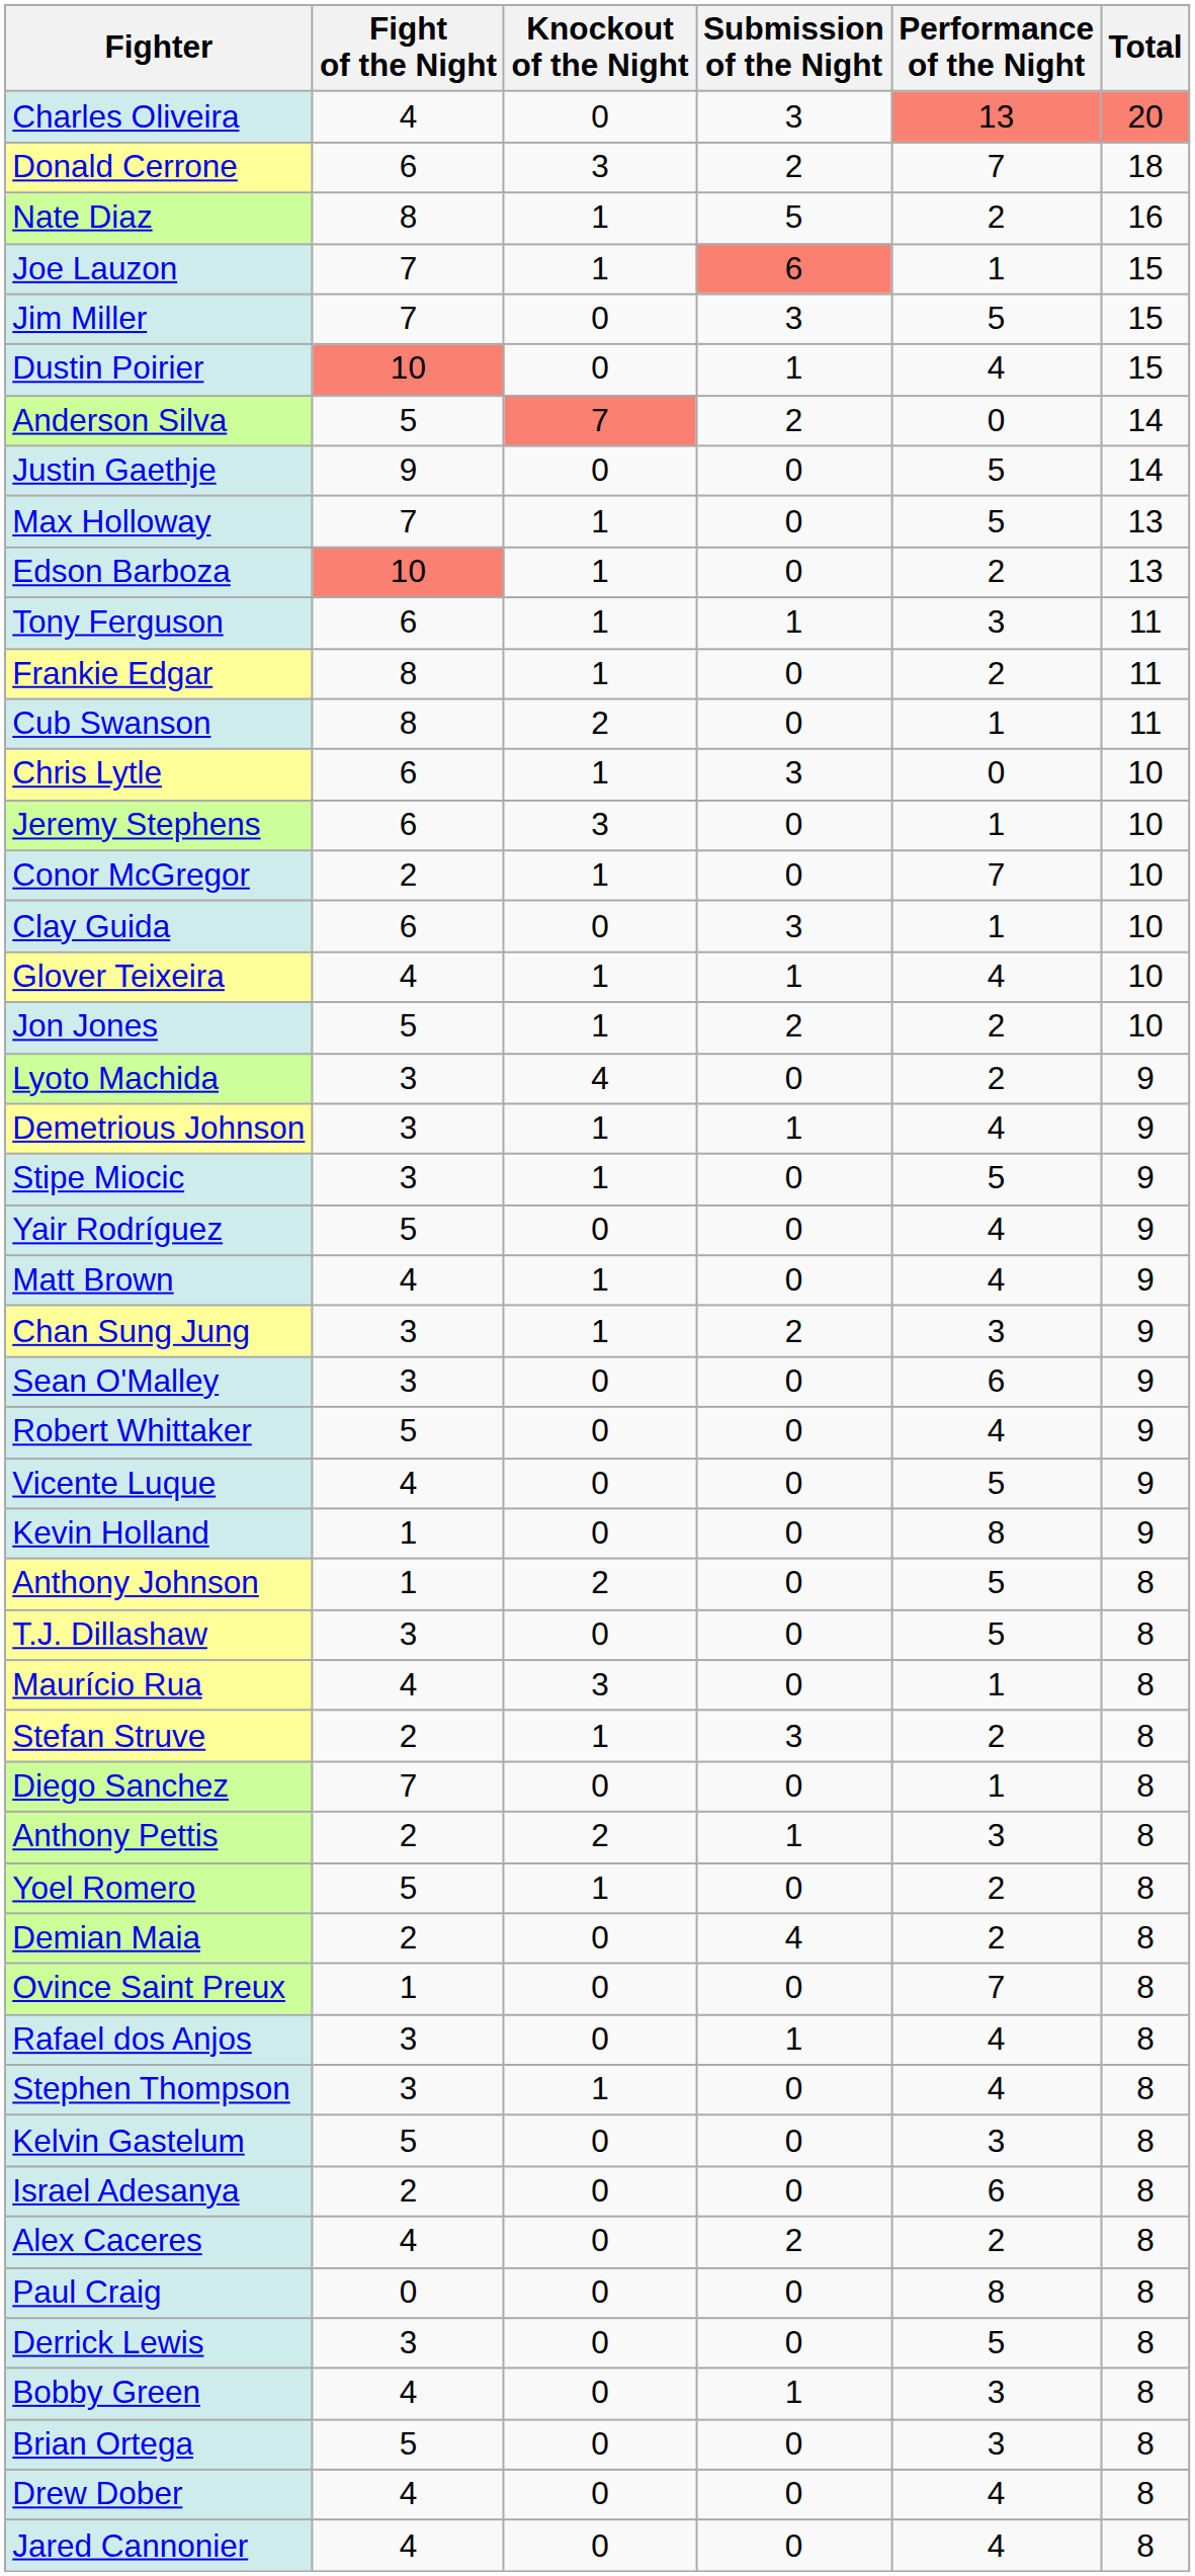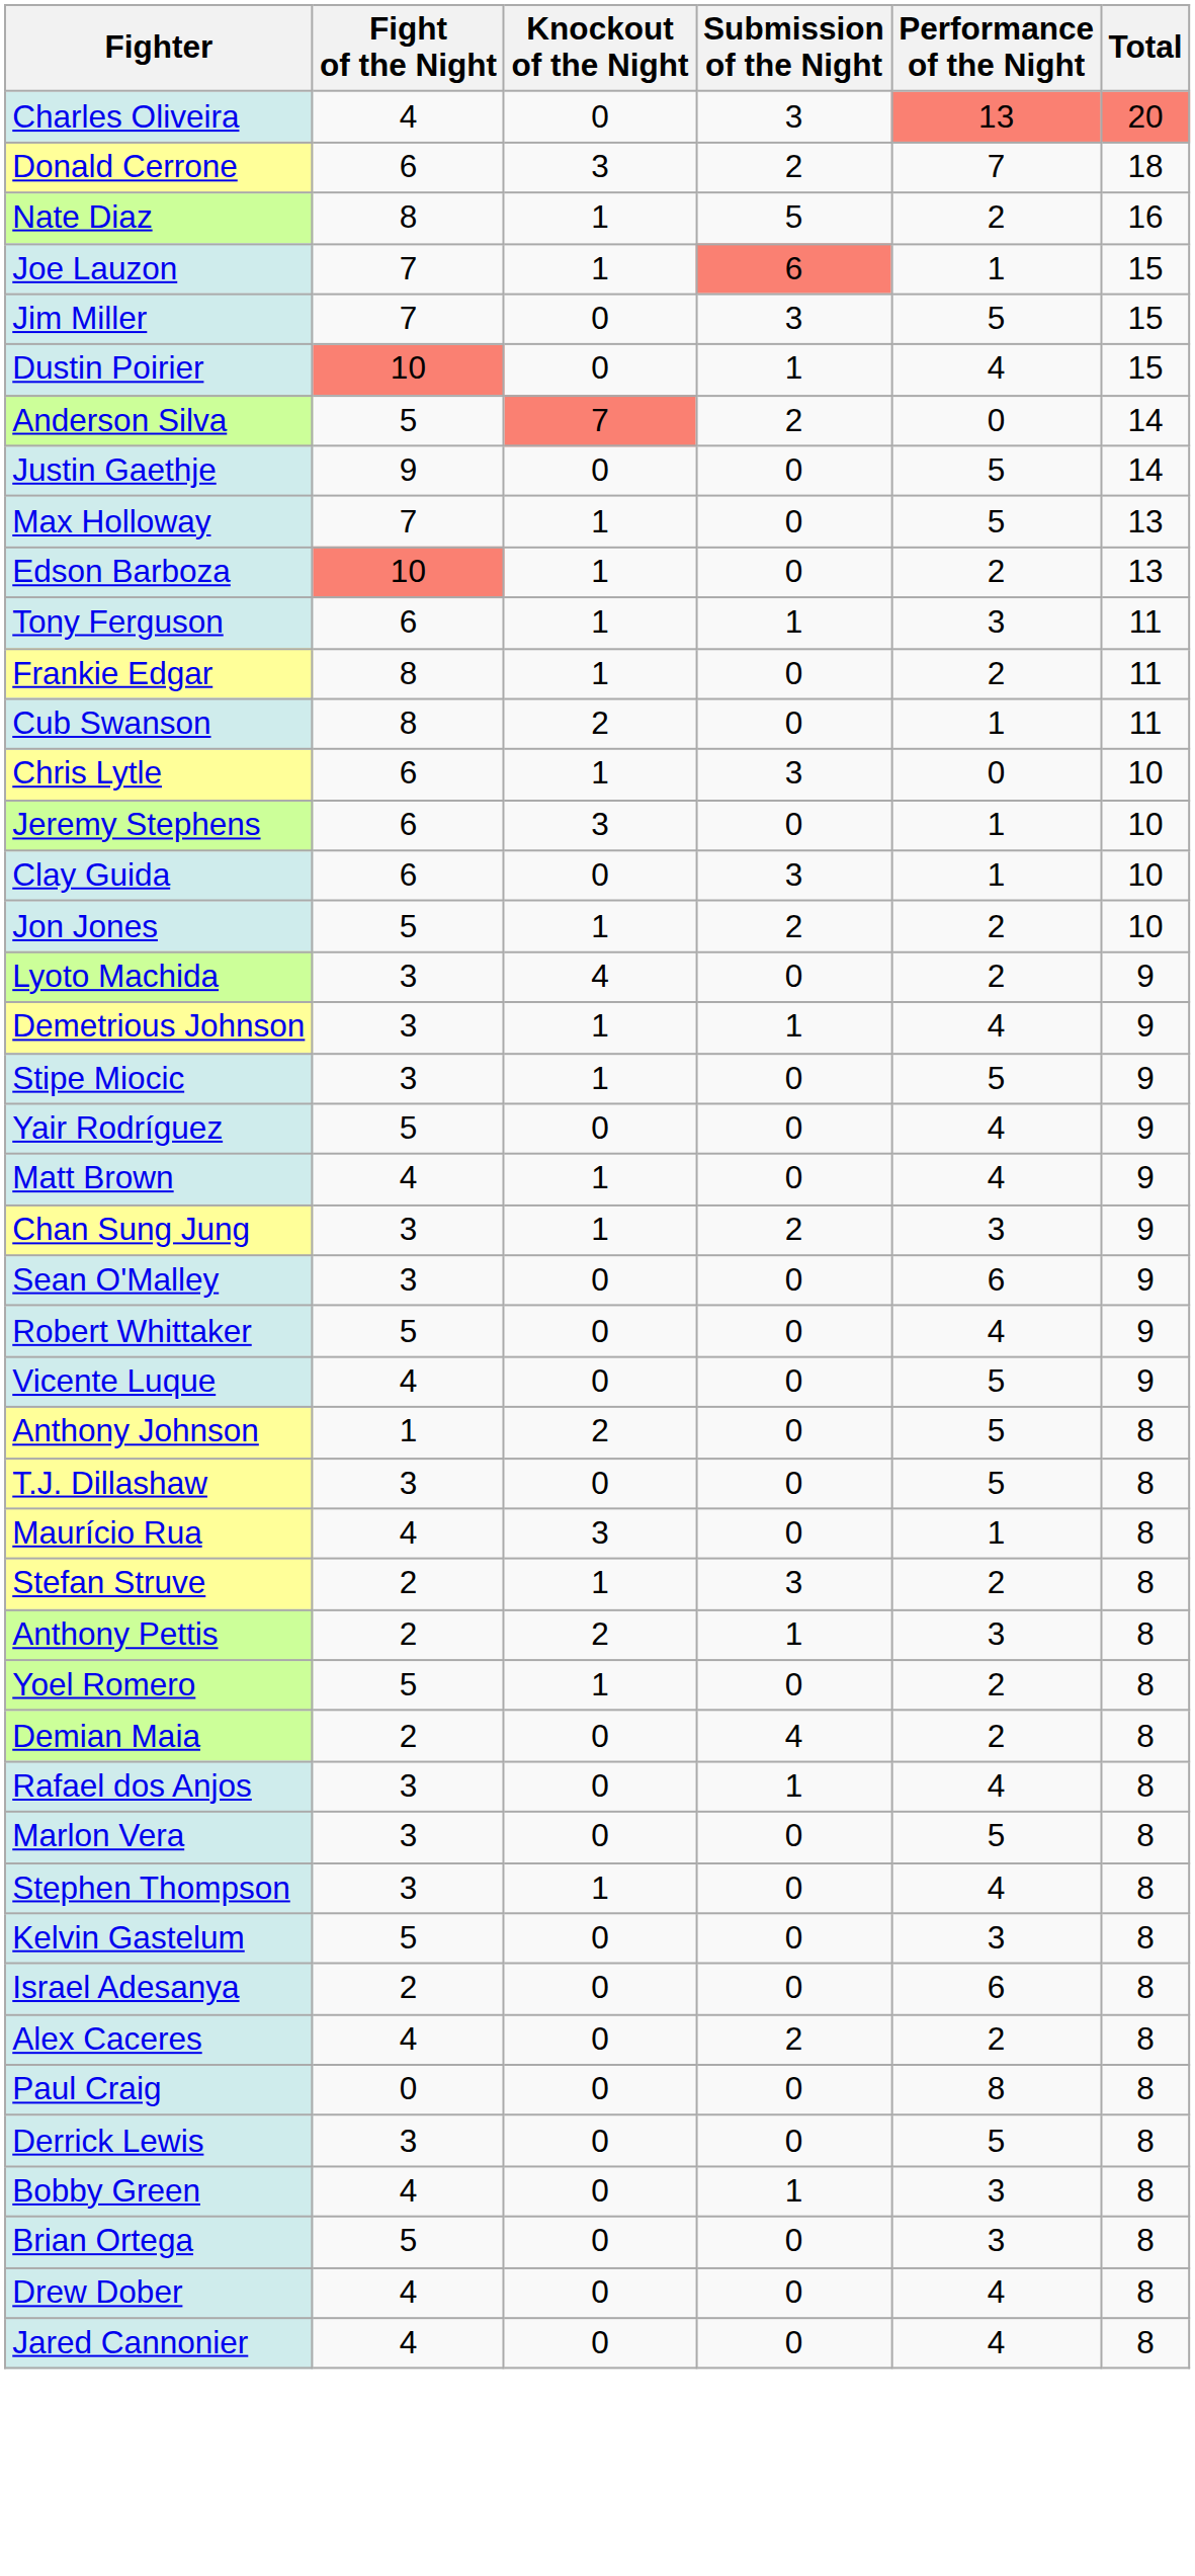 <table class="wikitable sortable" style="text-align:center">
 <tr>
 <th>Fighter</th>
 <th>Fight<br>of the Night</th>
 <th>Knockout<br>of the Night</th>
 <th>Submission<br>of the Night</th>
 <th>Performance<br>of the Night</th>
 <th>Total</th>
 </tr>
 <tr>
 <td style="text-align:left; background:#CFECEC"><a href='#'>Charles Oliveira</a></td>
 <td>4</td>
 <td>0</td>
 <td>3</td>
 <td style=background:#FA8072>13</td>
 <td style=background:#FA8072>20</td>
 </tr>
 <tr>
 <td style="text-align:left; background:#FFFF99"><a href='#'>Donald Cerrone</a></td>
 <td>6</td>
 <td>3</td>
 <td>2</td>
 <td>7</td>
 <td>18</td>
 </tr>
 <tr>
 <td style="text-align:left; background:#CCFF99"><a href='#'>Nate Diaz</a></td>
 <td>8</td>
 <td>1</td>
 <td>5</td>
 <td>2</td>
 <td>16</td>
 </tr>
 <tr>
 <td style="text-align:left; background:#CFECEC"><a href='#'>Joe Lauzon</a></td>
 <td>7</td>
 <td>1</td>
 <td style=background:#FA8072>6</td>
 <td>1</td>
 <td>15</td>
 </tr>
 <tr>
 <td style="text-align:left; background:#CFECEC"><a href='#'>Jim Miller</a></td>
 <td>7</td>
 <td>0</td>
 <td>3</td>
 <td>5</td>
 <td>15</td>
 </tr>
 <tr>
 <td style="text-align:left; background:#CFECEC"><a href='#'>Dustin Poirier</a></td>
 <td style=background:#FA8072>10</td>
 <td>0</td>
 <td>1</td>
 <td>4</td>
 <td>15</td>
 </tr>
 <tr>
 <td style="text-align:left; background:#CCFF99"><a href='#'>Anderson Silva</a></td>
 <td>5</td>
 <td style=background:#FA8072>7</td>
 <td>2</td>
 <td>0</td>
 <td>14</td>
 </tr>
 <tr>
 <td style="text-align:left; background:#CFECEC"><a href='#'>Justin Gaethje</a></td>
 <td>9</td>
 <td>0</td>
 <td>0</td>
 <td>5</td>
 <td>14</td>
 </tr>
 <tr>
 <td style="text-align:left; background:#CFECEC"><a href='#'>Max Holloway</a></td>
 <td>7</td>
 <td>1</td>
 <td>0</td>
 <td>5</td>
 <td>13</td>
 </tr>
 <tr>
 <td style="text-align:left; background:#CFECEC"><a href='#'>Edson Barboza</a></td>
 <td style=background:#FA8072>10</td>
 <td>1</td>
 <td>0</td>
 <td>2</td>
 <td>13</td>
 </tr>
 <tr>
 <td style="text-align:left; background:#CFECEC"><a href='#'>Tony Ferguson</a></td>
 <td>6</td>
 <td>1</td>
 <td>1</td>
 <td>3</td>
 <td>11</td>
 </tr>
 <tr>
 <td style="text-align:left; background:#FFFF99"><a href='#'>Frankie Edgar</a></td>
 <td>8</td>
 <td>1</td>
 <td>0</td>
 <td>2</td>
 <td>11</td>
 </tr>
 <tr>
 <td style="text-align:left; background:#CFECEC"><a href='#'>Cub Swanson</a></td>
 <td>8</td>
 <td>2</td>
 <td>0</td>
 <td>1</td>
 <td>11</td>
 </tr>
 <tr>
 <td style="text-align:left; background:#FFFF99"><a href='#'>Chris Lytle</a></td>
 <td>6</td>
 <td>1</td>
 <td>3</td>
 <td>0</td>
 <td>10</td>
 </tr>
 <tr>
 <td style="text-align:left; background:#CCFF99"><a href='#'>Jeremy Stephens</a></td>
 <td>6</td>
 <td>3</td>
 <td>0</td>
 <td>1</td>
 <td>10</td>
 </tr>
 <tr>
-<td style="text-align:left; background:#CFECEC"><a href='#'>Conor McGregor</a></td>
-<td>2</td>
-<td>1</td>
-<td>0</td>
-<td>7</td>
-<td>10</td>
-</tr>
-<tr>
 <td style="text-align:left; background:#CFECEC"><a href='#'>Clay Guida</a></td>
 <td>6</td>
 <td>0</td>
 <td>3</td>
 <td>1</td>
-<td>10</td>
-</tr>
-<tr>
-<td style="text-align:left; background:#FFFF99"><a href='#'>Glover Teixeira</a></td>
-<td>4</td>
-<td>1</td>
-<td>1</td>
-<td>4</td>
 <td>10</td>
 </tr>
 <tr>
 <td style="text-align:left; background:#CFECEC"><a href='#'>Jon Jones</a></td>
 <td>5</td>
 <td>1</td>
 <td>2</td>
 <td>2</td>
 <td>10</td>
 </tr>
 <tr>
 <td style="text-align:left; background:#CCFF99"><a href='#'>Lyoto Machida</a></td>
 <td>3</td>
 <td>4</td>
 <td>0</td>
 <td>2</td>
 <td>9</td>
 </tr>
 <tr>
 <td style="text-align:left; background:#FFFF99"><a href='#'>Demetrious Johnson</a></td>
 <td>3</td>
 <td>1</td>
 <td>1</td>
 <td>4</td>
 <td>9</td>
 </tr>
 <tr>
 <td style="text-align:left; background:#CFECEC"><a href='#'>Stipe Miocic</a></td>
 <td>3</td>
 <td>1</td>
 <td>0</td>
 <td>5</td>
 <td>9</td>
 </tr>
 <tr>
 <td style="text-align:left; background:#CFECEC"><a href='#'>Yair Rodríguez</a></td>
 <td>5</td>
 <td>0</td>
 <td>0</td>
 <td>4</td>
 <td>9</td>
 </tr>
 <tr>
 <td style="text-align:left; background:#CFECEC"><a href='#'>Matt Brown</a></td>
 <td>4</td>
 <td>1</td>
 <td>0</td>
 <td>4</td>
 <td>9</td>
 </tr>
 <tr>
 <td style="text-align:left; background:#FFFF99"><a href='#'>Chan Sung Jung</a></td>
 <td>3</td>
 <td>1</td>
 <td>2</td>
 <td>3</td>
 <td>9</td>
 </tr>
 <tr>
 <td style="text-align:left; background:#CFECEC"><a href='#'>Sean O'Malley</a></td>
 <td>3</td>
 <td>0</td>
 <td>0</td>
 <td>6</td>
 <td>9</td>
 </tr>
 <tr>
 <td style="text-align:left; background:#CFECEC"><a href='#'>Robert Whittaker</a></td>
 <td>5</td>
 <td>0</td>
 <td>0</td>
 <td>4</td>
 <td>9</td>
 </tr>
 <tr>
 <td style="text-align:left; background:#CFECEC"><a href='#'>Vicente Luque</a></td>
 <td>4</td>
 <td>0</td>
 <td>0</td>
 <td>5</td>
 <td>9</td>
 </tr>
 <tr>
-<td style="text-align:left; background:#CFECEC"><a href='#'>Kevin Holland</a></td>
-<td>1</td>
-<td>0</td>
-<td>0</td>
-<td>8</td>
-<td>9</td>
-</tr>
-<tr>
 <td style="text-align:left; background:#FFFF99"><a href='#'>Anthony Johnson</a></td>
 <td>1</td>
 <td>2</td>
 <td>0</td>
 <td>5</td>
 <td>8</td>
 </tr>
 <tr>
 <td style="text-align:left; background:#FFFF99"><a href='#'>T.J. Dillashaw</a></td>
 <td>3</td>
 <td>0</td>
 <td>0</td>
 <td>5</td>
 <td>8</td>
 </tr>
 <tr>
 <td style="text-align:left; background:#FFFF99"><a href='#'>Maurício Rua</a></td>
 <td>4</td>
 <td>3</td>
 <td>0</td>
 <td>1</td>
 <td>8</td>
 </tr>
 <tr>
 <td style="text-align:left; background:#FFFF99"><a href='#'>Stefan Struve</a></td>
 <td>2</td>
 <td>1</td>
 <td>3</td>
 <td>2</td>
 <td>8</td>
 </tr>
 <tr>
-<td style="text-align:left; background:#CCFF99"><a href='#'>Diego Sanchez</a></td>
-<td>7</td>
-<td>0</td>
-<td>0</td>
-<td>1</td>
-<td>8</td>
-</tr>
-<tr>
 <td style="text-align:left; background:#CCFF99"><a href='#'>Anthony Pettis</a></td>
 <td>2</td>
 <td>2</td>
 <td>1</td>
 <td>3</td>
 <td>8</td>
 </tr>
 <tr>
 <td style="text-align:left; background:#CCFF99"><a href='#'>Yoel Romero</a></td>
 <td>5</td>
 <td>1</td>
 <td>0</td>
 <td>2</td>
 <td>8</td>
 </tr>
 <tr>
 <td style="text-align:left; background:#CCFF99"><a href='#'>Demian Maia</a></td>
 <td>2</td>
 <td>0</td>
 <td>4</td>
 <td>2</td>
 <td>8</td>
 </tr>
 <tr>
-<td style="text-align:left; background:#CCFF99"><a href='#'>Ovince Saint Preux</a></td>
-<td>1</td>
-<td>0</td>
-<td>0</td>
-<td>7</td>
-<td>8</td>
-</tr>
-<tr>
 <td style="text-align:left; background:#CFECEC"><a href='#'>Rafael dos Anjos</a></td>
 <td>3</td>
 <td>0</td>
 <td>1</td>
 <td>4</td>
+<td>8</td>
+</tr>
+<tr>
+<td style="text-align:left; background:#CFECEC"><a href='#'>Marlon Vera</a></td>
+<td>3</td>
+<td>0</td>
+<td>0</td>
+<td>5</td>
 <td>8</td>
 </tr>
 <tr>
 <td style="text-align:left; background:#CFECEC"><a href='#'>Stephen Thompson</a></td>
 <td>3</td>
 <td>1</td>
 <td>0</td>
 <td>4</td>
 <td>8</td>
 </tr>
 <tr>
 <td style="text-align:left; background:#CFECEC"><a href='#'>Kelvin Gastelum</a></td>
 <td>5</td>
 <td>0</td>
 <td>0</td>
 <td>3</td>
 <td>8</td>
 </tr>
 <tr>
 <td style="text-align:left; background:#CFECEC"><a href='#'>Israel Adesanya</a></td>
 <td>2</td>
 <td>0</td>
 <td>0</td>
 <td>6</td>
 <td>8</td>
 </tr>
 <tr>
 <td style="text-align:left; background:#CFECEC"><a href='#'>Alex Caceres</a></td>
 <td>4</td>
 <td>0</td>
 <td>2</td>
 <td>2</td>
 <td>8</td>
 </tr>
 <tr>
 <td style="text-align:left; background:#CFECEC"><a href='#'>Paul Craig</a></td>
 <td>0</td>
 <td>0</td>
 <td>0</td>
 <td>8</td>
 <td>8</td>
 </tr>
 <tr>
 <td style="text-align:left; background:#CFECEC"><a href='#'>Derrick Lewis</a></td>
 <td>3</td>
 <td>0</td>
 <td>0</td>
 <td>5</td>
 <td>8</td>
 </tr>
 <tr>
 <td style="text-align:left; background:#CFECEC"><a href='#'>Bobby Green</a></td>
 <td>4</td>
 <td>0</td>
 <td>1</td>
 <td>3</td>
 <td>8</td>
 </tr>
 <tr>
 <td style="text-align:left; background:#CFECEC"><a href='#'>Brian Ortega</a></td>
 <td>5</td>
 <td>0</td>
 <td>0</td>
 <td>3</td>
 <td>8</td>
 </tr>
 <tr>
 <td style="text-align:left; background:#CFECEC"><a href='#'>Drew Dober</a></td>
 <td>4</td>
 <td>0</td>
 <td>0</td>
 <td>4</td>
 <td>8</td>
 </tr>
 <tr>
 <td style="text-align:left; background:#CFECEC"><a href='#'>Jared Cannonier</a></td>
 <td>4</td>
 <td>0</td>
 <td>0</td>
 <td>4</td>
 <td>8</td>
 </tr>
 </table>
